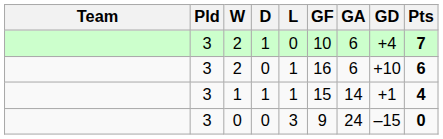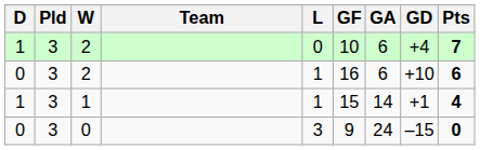 <table class="wikitable" style="text-align: center;">
 <tr>
-<th width="175">Team</th>
+<th width="20">D</th>
 <th width="20">Pld</th>
 <th width="20">W</th>
-<th width="20">D</th>
+<th width="175">Team</th>
 <th width="20">L</th>
 <th width="20">GF</th>
 <th width="20">GA</th>
 <th width="20">GD</th>
 <th width="20">Pts<br></th>
 </tr>
 <tr align=center bgcolor="ccffcc">
-<td style="text-align:left;"></td>
+<td>1</td>
 <td>3</td>
 <td>2</td>
-<td>1</td>
+<td style="text-align:left;"></td>
 <td>0</td>
 <td>10</td>
 <td>6</td>
 <td>+4</td>
 <td><strong>7</strong></td>
 </tr>
 <tr align=center>
-<td style="text-align:left;"></td>
+<td>0</td>
 <td>3</td>
 <td>2</td>
-<td>0</td>
+<td style="text-align:left;"></td>
 <td>1</td>
 <td>16</td>
 <td>6</td>
 <td>+10</td>
 <td><strong>6</strong></td>
 </tr>
 <tr align=center>
-<td style="text-align:left;"></td>
+<td>1</td>
 <td>3</td>
 <td>1</td>
-<td>1</td>
+<td style="text-align:left;"></td>
 <td>1</td>
 <td>15</td>
 <td>14</td>
 <td>+1</td>
 <td><strong>4</strong></td>
 </tr>
 <tr align=center>
-<td style="text-align:left;"></td>
+<td>0</td>
 <td>3</td>
 <td>0</td>
-<td>0</td>
+<td style="text-align:left;"></td>
 <td>3</td>
 <td>9</td>
 <td>24</td>
 <td>–15</td>
 <td><strong>0</strong></td>
 </tr>
 </table>
